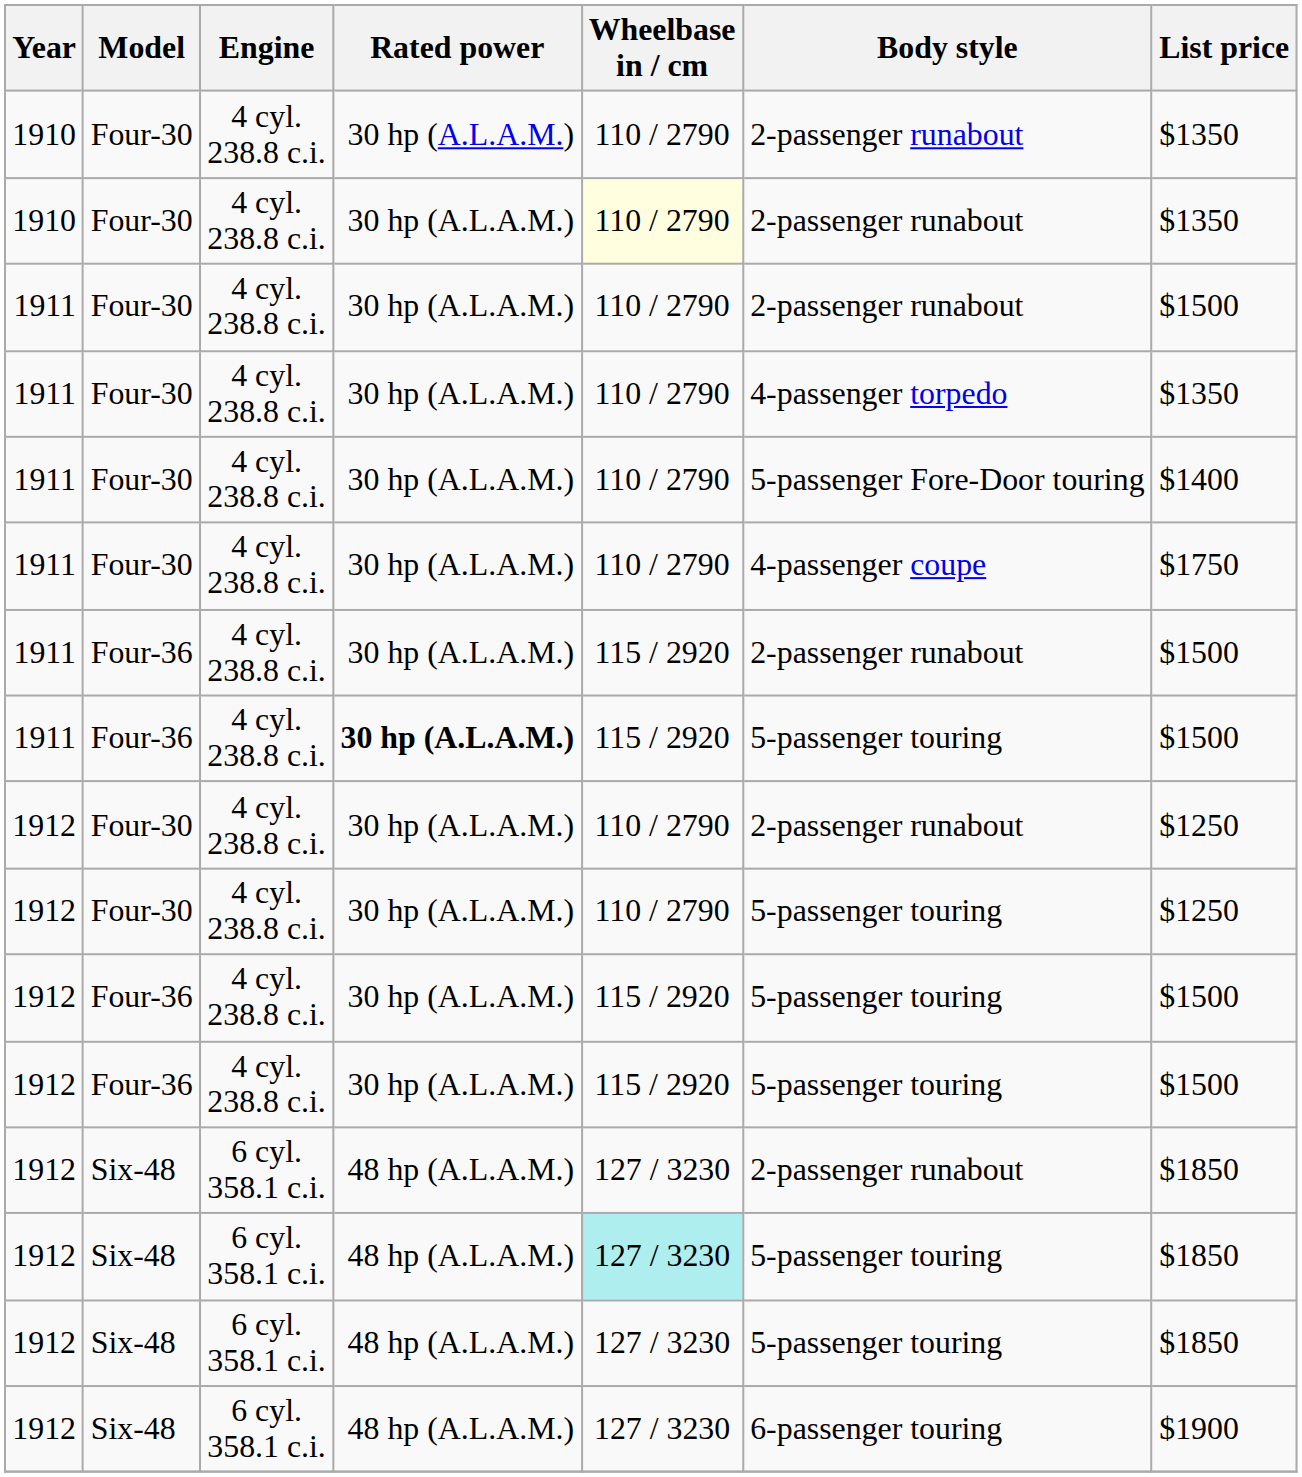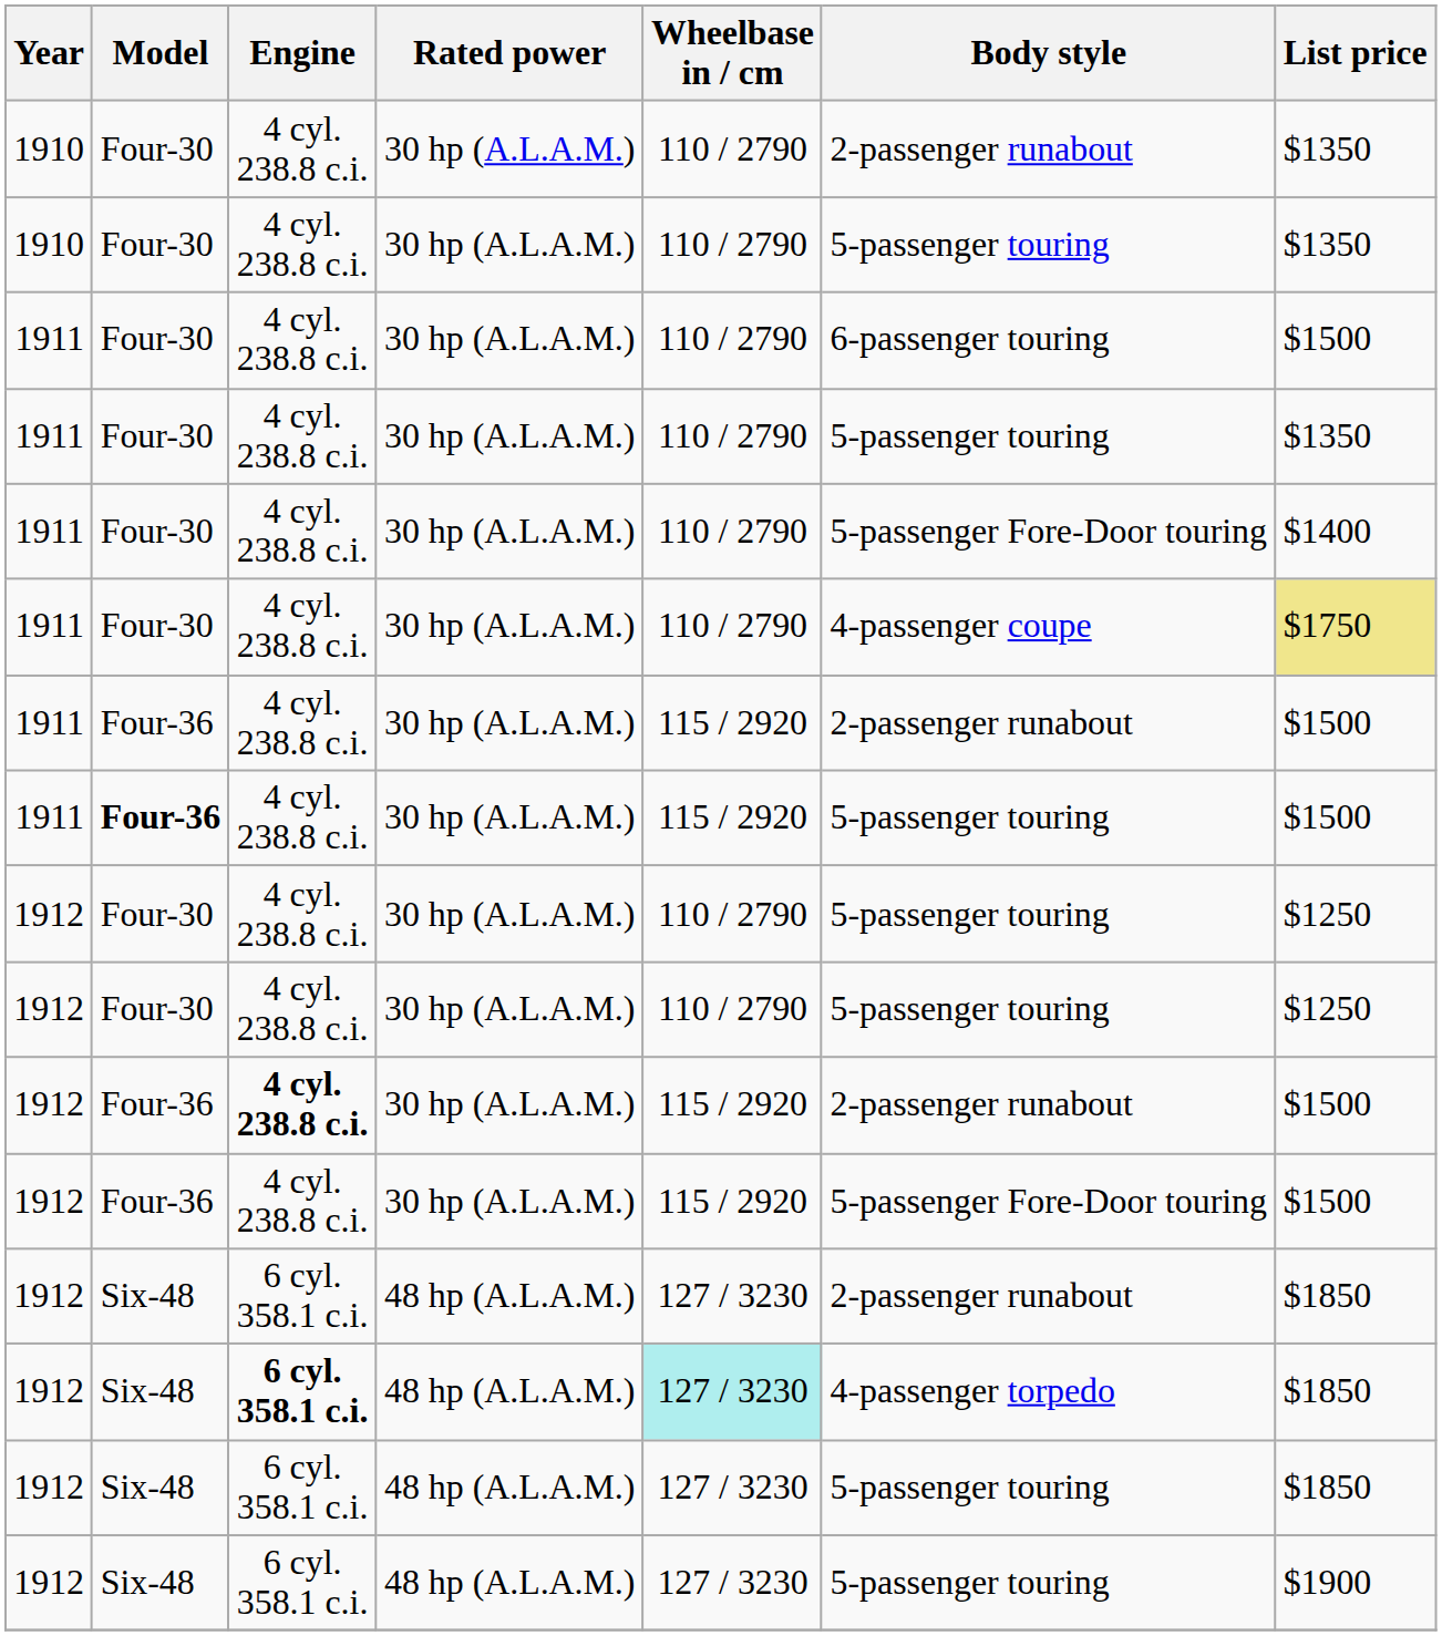 <table class="wikitable sortable">
 <tr>
 <th>Year</th>
 <th>Model</th>
 <th>Engine</th>
 <th>Rated power</th>
 <th>Wheelbase<br> in / cm</th>
 <th>Body style</th>
 <th>List price</th>
 </tr>
 <tr>
 <td align="right">1910</td>
 <td>Four-30</td>
 <td align="center">4 cyl.<br>238.8 c.i.</td>
 <td align="right">30 hp (<a href='#'>A.L.A.M.</a>)</td>
 <td align="center">110 / 2790</td>
 <td>2-passenger <a href='#'>runabout</a></td>
 <td>$1350</td>
 </tr>
 <tr>
 <td align="right">1910</td>
 <td>Four-30</td>
 <td align="center">4 cyl.<br>238.8 c.i.</td>
 <td align="right">30 hp (A.L.A.M.)</td>
-<td align="center" style="background: lightyellow;">110 / 2790</td>
-<td>2-passenger runabout</td>
+<td align="center">110 / 2790</td>
+<td>5-passenger <a href='#'>touring</a></td>
 <td>$1350</td>
 </tr>
 <tr>
 <td align="right">1911</td>
 <td>Four-30</td>
 <td align="center">4 cyl.<br>238.8 c.i.</td>
 <td align="right">30 hp (A.L.A.M.)</td>
 <td align="center">110 / 2790</td>
-<td>2-passenger runabout</td>
+<td>6-passenger touring</td>
 <td>$1500</td>
 </tr>
 <tr>
 <td align="right">1911</td>
 <td>Four-30</td>
 <td align="center">4 cyl.<br>238.8 c.i.</td>
 <td align="right">30 hp (A.L.A.M.)</td>
 <td align="center">110 / 2790</td>
-<td>4-passenger <a href='#'>torpedo</a></td>
+<td>5-passenger touring</td>
 <td>$1350</td>
 </tr>
 <tr>
 <td align="right">1911</td>
 <td>Four-30</td>
 <td align="center">4 cyl.<br>238.8 c.i.</td>
 <td align="right">30 hp (A.L.A.M.)</td>
 <td align="center">110 / 2790</td>
 <td>5-passenger Fore-Door touring</td>
 <td>$1400</td>
 </tr>
 <tr>
 <td align="right">1911</td>
 <td>Four-30</td>
 <td align="center">4 cyl.<br>238.8 c.i.</td>
 <td align="right">30 hp (A.L.A.M.)</td>
 <td align="center">110 / 2790</td>
 <td>4-passenger <a href='#'>coupe</a></td>
-<td>$1750</td>
+<td style="background: khaki;">$1750</td>
 </tr>
 <tr>
 <td align="right">1911</td>
 <td>Four-36</td>
 <td align="center">4 cyl.<br>238.8 c.i.</td>
 <td align="right">30 hp (A.L.A.M.)</td>
 <td align="center">115 / 2920</td>
 <td>2-passenger runabout</td>
 <td>$1500</td>
 </tr>
 <tr>
 <td align="right">1911</td>
-<td>Four-36</td>
+<td><strong>Four-36</strong></td>
 <td align="center">4 cyl.<br>238.8 c.i.</td>
-<td align="right"><strong>30 hp (A.L.A.M.)</strong></td>
+<td align="right">30 hp (A.L.A.M.)</td>
 <td align="center">115 / 2920</td>
 <td>5-passenger touring</td>
 <td>$1500</td>
 </tr>
 <tr>
 <td align="right">1912</td>
 <td>Four-30</td>
 <td align="center">4 cyl.<br>238.8 c.i.</td>
 <td align="right">30 hp (A.L.A.M.)</td>
 <td align="center">110 / 2790</td>
-<td>2-passenger runabout</td>
+<td>5-passenger touring</td>
 <td>$1250</td>
 </tr>
 <tr>
 <td align="right">1912</td>
 <td>Four-30</td>
 <td align="center">4 cyl.<br>238.8 c.i.</td>
 <td align="right">30 hp (A.L.A.M.)</td>
 <td align="center">110 / 2790</td>
 <td>5-passenger touring</td>
 <td>$1250</td>
 </tr>
 <tr>
 <td align="right">1912</td>
 <td>Four-36</td>
-<td align="center">4 cyl.<br>238.8 c.i.</td>
+<td align="center"><strong>4 cyl.<br>238.8 c.i.</strong></td>
 <td align="right">30 hp (A.L.A.M.)</td>
 <td align="center">115 / 2920</td>
-<td>5-passenger touring</td>
+<td>2-passenger runabout</td>
 <td>$1500</td>
 </tr>
 <tr>
 <td align="right">1912</td>
 <td>Four-36</td>
 <td align="center">4 cyl.<br>238.8 c.i.</td>
 <td align="right">30 hp (A.L.A.M.)</td>
 <td align="center">115 / 2920</td>
-<td>5-passenger touring</td>
+<td>5-passenger Fore-Door touring</td>
 <td>$1500</td>
 </tr>
 <tr>
 <td align="right">1912</td>
 <td>Six-48</td>
 <td align="center">6 cyl.<br>358.1 c.i.</td>
 <td align="right">48 hp (A.L.A.M.)</td>
 <td align="center">127 / 3230</td>
 <td>2-passenger runabout</td>
 <td>$1850</td>
 </tr>
 <tr>
 <td align="right">1912</td>
 <td>Six-48</td>
-<td align="center">6 cyl.<br>358.1 c.i.</td>
+<td align="center"><strong>6 cyl.<br>358.1 c.i.</strong></td>
 <td align="right">48 hp (A.L.A.M.)</td>
 <td align="center" style="background: paleturquoise;">127 / 3230</td>
-<td>5-passenger touring</td>
+<td>4-passenger <a href='#'>torpedo</a></td>
 <td>$1850</td>
 </tr>
 <tr>
 <td align="right">1912</td>
 <td>Six-48</td>
 <td align="center">6 cyl.<br>358.1 c.i.</td>
 <td align="right">48 hp (A.L.A.M.)</td>
 <td align="center">127 / 3230</td>
 <td>5-passenger touring</td>
 <td>$1850</td>
 </tr>
 <tr>
 <td align="right">1912</td>
 <td>Six-48</td>
 <td align="center">6 cyl.<br>358.1 c.i.</td>
 <td align="right">48 hp (A.L.A.M.)</td>
 <td align="center">127 / 3230</td>
-<td>6-passenger touring</td>
+<td>5-passenger touring</td>
 <td>$1900</td>
 </tr>
 <tr>
 </tr>
 </table>
